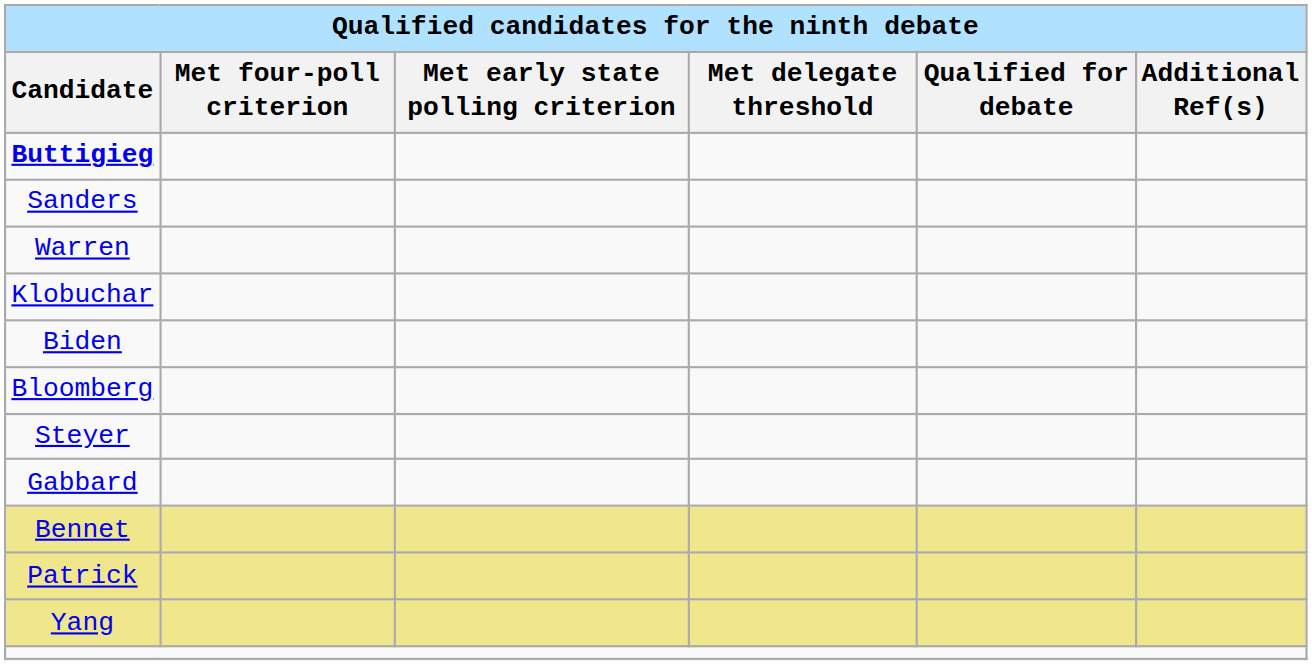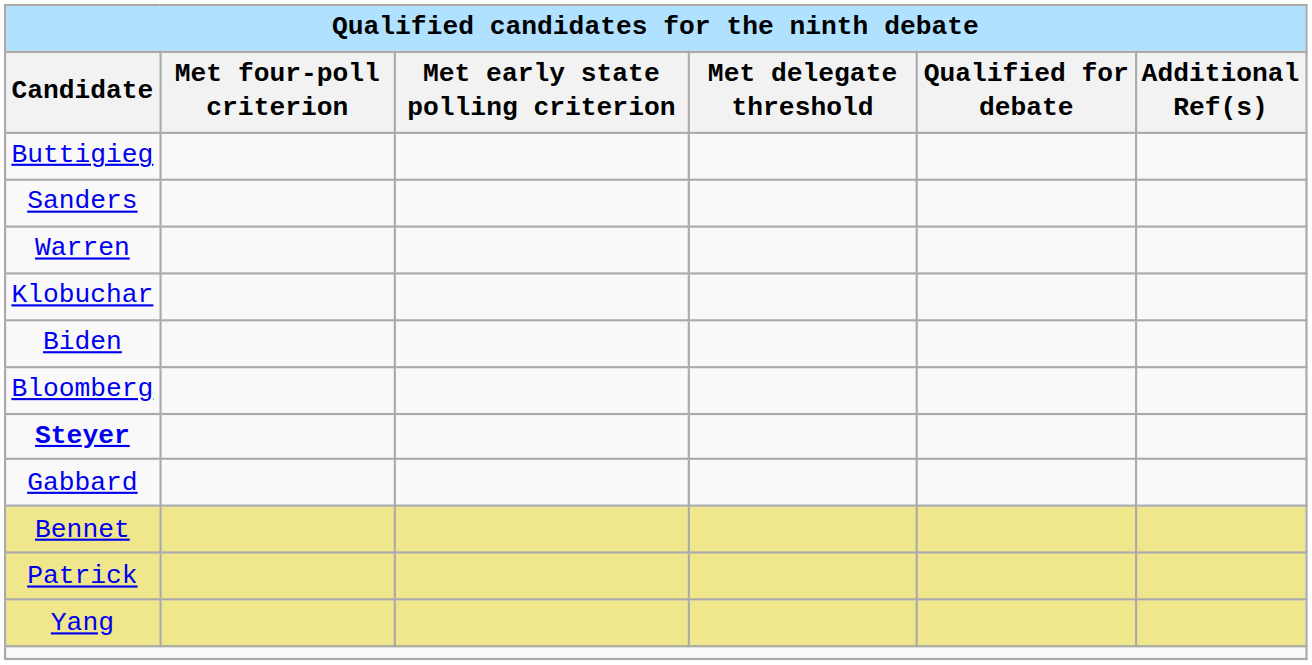 <table class="wikitable collapsible collapsed" style="text-align:center;font-size:95%;line-height:16px;">
 <tr>
 <td colspan="7" style="color:black; vertical-align:top; text-align:center; background-color:#B0E2FF;" class="table-no"><strong>Qualified candidates for the ninth debate</strong></td>
 </tr>
 <tr>
 <th>Candidate</th>
 <th>Met four-poll criterion</th>
 <th>Met early state polling criterion<br></th>
 <th>Met delegate threshold</th>
 <th>Qualified for debate</th>
 <th class="unsortable">Additional<br>Ref(s)</th>
 </tr>
 <tr>
-<td><strong><a href='#'>Buttigieg</a></strong></td>
+<td><a href='#'>Buttigieg</a></td>
 <td><br></td>
 <td><br></td>
 <td><br></td>
 <td></td>
 <td></td>
 </tr>
 <tr>
 <td><a href='#'>Sanders</a></td>
 <td><br></td>
 <td><br></td>
 <td><br></td>
 <td></td>
 <td></td>
 </tr>
 <tr>
 <td><a href='#'>Warren</a></td>
 <td><br></td>
 <td><br></td>
 <td><br></td>
 <td></td>
 <td></td>
 </tr>
 <tr>
 <td><a href='#'>Klobuchar</a></td>
 <td><br></td>
 <td><br></td>
 <td><br></td>
 <td></td>
 <td></td>
 </tr>
 <tr>
 <td><a href='#'>Biden</a></td>
 <td><br></td>
 <td><br></td>
 <td><br></td>
 <td></td>
 <td></td>
 </tr>
 <tr>
 <td><a href='#'>Bloomberg</a></td>
 <td><br></td>
 <td><br></td>
 <td><br></td>
 <td></td>
 <td></td>
 </tr>
 <tr>
-<td><a href='#'>Steyer</a></td>
+<td><strong><a href='#'>Steyer</a></strong></td>
 <td><br></td>
 <td><br></td>
 <td><br></td>
 <td></td>
 <td></td>
 </tr>
 <tr>
 <td><a href='#'>Gabbard</a></td>
 <td><br></td>
 <td><br></td>
 <td><br></td>
 <td></td>
 <td></td>
 </tr>
 <tr style="background:#f0e68c;">
 <td><a href='#'>Bennet</a></td>
 <td><br></td>
 <td><br></td>
 <td><br></td>
 <td></td>
 <td></td>
 </tr>
 <tr style="background:#f0e68c;">
 <td><a href='#'>Patrick</a></td>
 <td><br></td>
 <td><br></td>
 <td><br></td>
 <td></td>
 <td></td>
 </tr>
 <tr style="background:#f0e68c;">
 <td><a href='#'>Yang</a></td>
 <td><br></td>
 <td><br></td>
 <td><br></td>
 <td></td>
 <td></td>
 </tr>
 <tr>
 <td colspan=6 class="table-no" style="text-align:left;"></td>
 </tr>
 <tr>
 </tr>
 </table>
